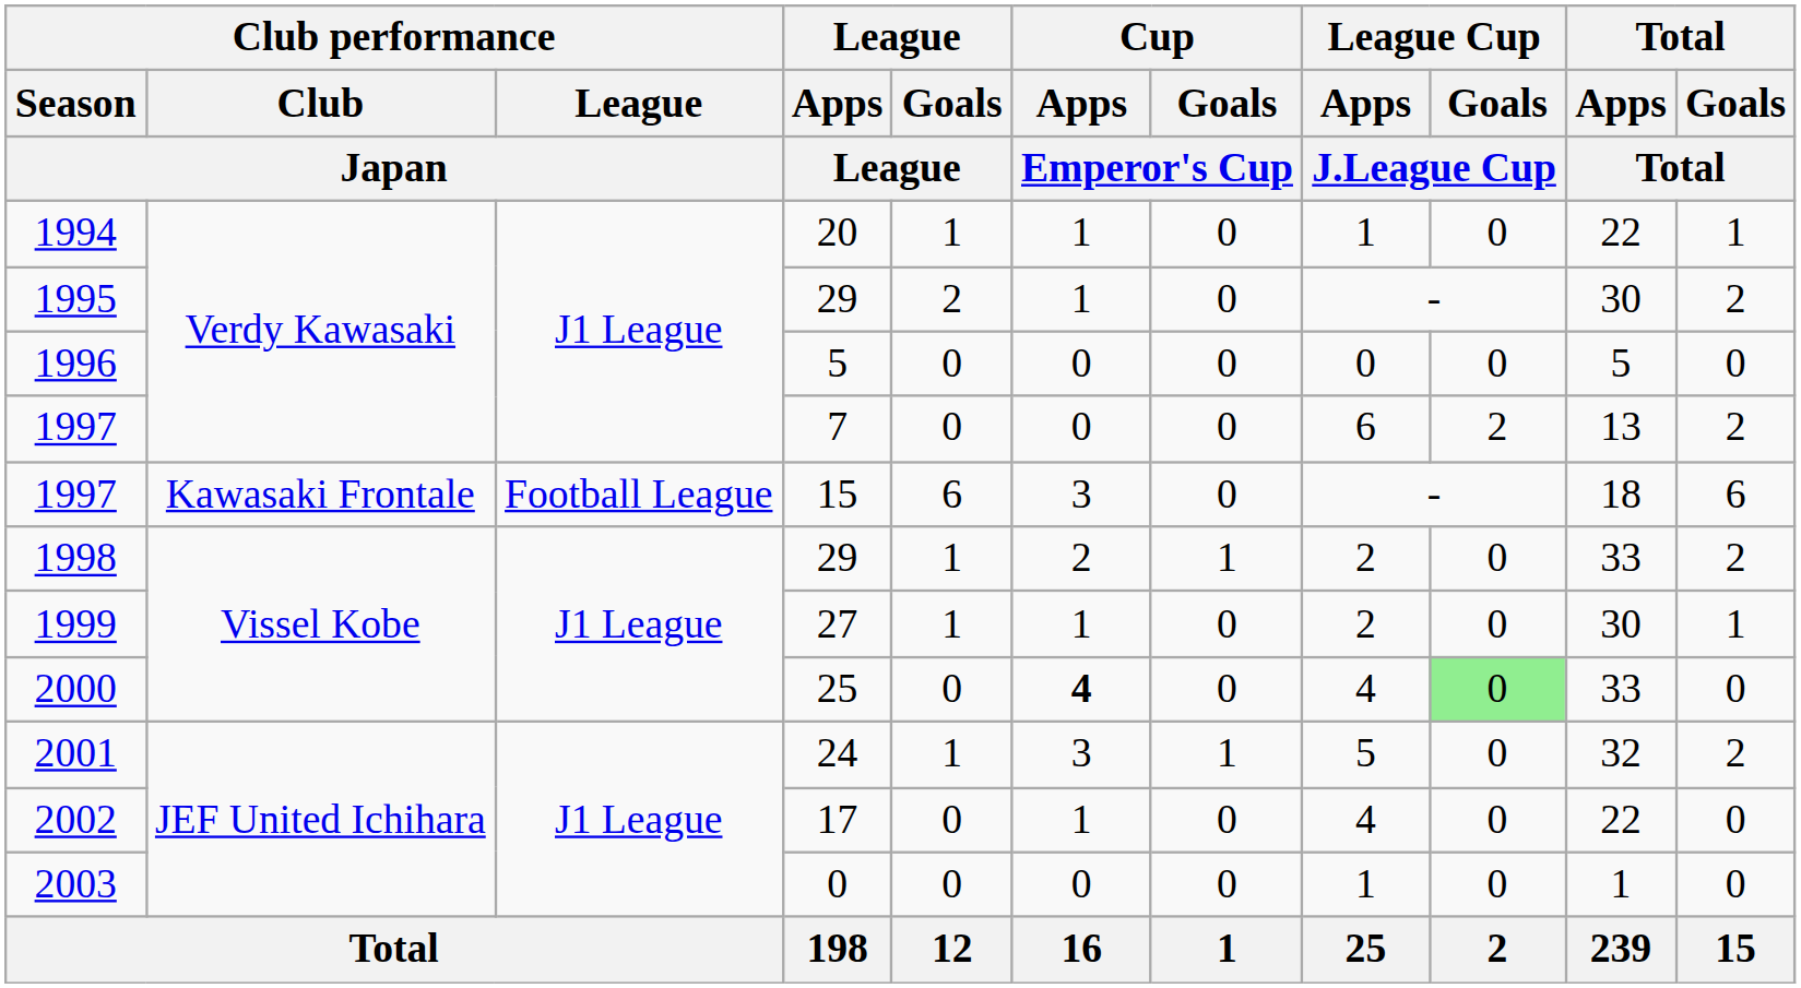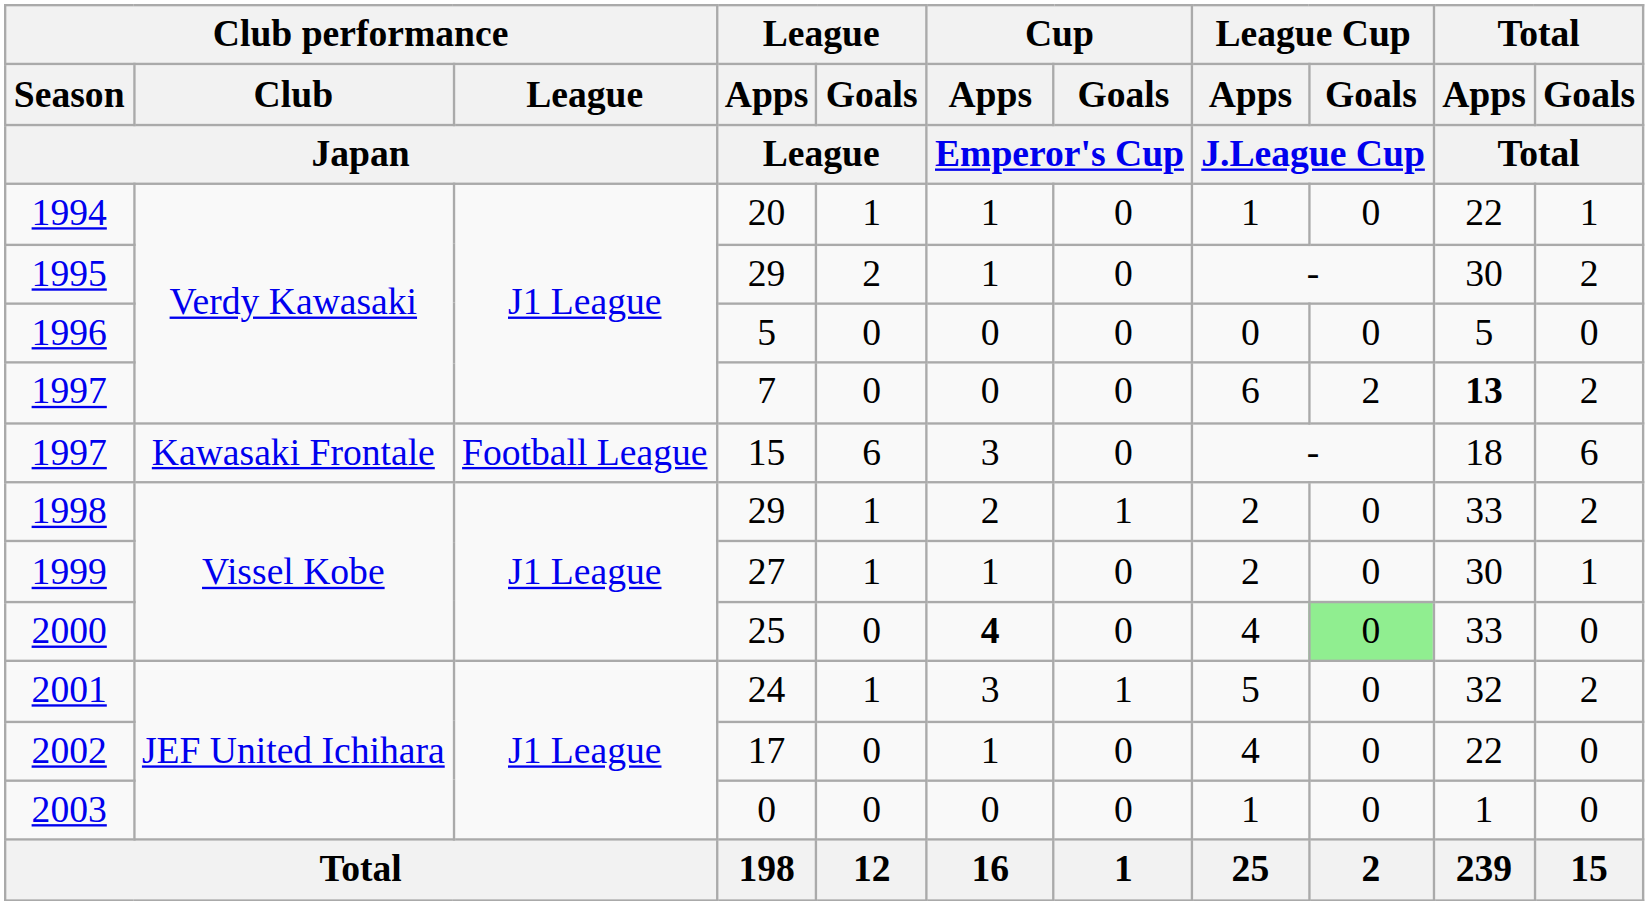 <table class="wikitable" style="text-align:center;">
 <tr>
 <th colspan=3>Club performance</th>
 <th colspan=2>League</th>
 <th colspan=2>Cup</th>
 <th colspan=2>League Cup</th>
 <th colspan=2>Total</th>
 </tr>
 <tr>
 <th>Season</th>
 <th>Club</th>
 <th>League</th>
 <th>Apps</th>
 <th>Goals</th>
 <th>Apps</th>
 <th>Goals</th>
 <th>Apps</th>
 <th>Goals</th>
 <th>Apps</th>
 <th>Goals</th>
 </tr>
 <tr>
 <th colspan=3>Japan</th>
 <th colspan=2>League</th>
 <th colspan=2><a href='#'>Emperor's Cup</a></th>
 <th colspan=2><a href='#'>J.League Cup</a></th>
 <th colspan=2>Total</th>
 </tr>
 <tr>
 <td><a href='#'>1994</a></td>
 <td rowspan="4"><a href='#'>Verdy Kawasaki</a></td>
 <td rowspan="4"><a href='#'>J1 League</a></td>
 <td>20</td>
 <td>1</td>
 <td>1</td>
 <td>0</td>
 <td>1</td>
 <td>0</td>
 <td>22</td>
 <td>1</td>
 </tr>
 <tr>
 <td><a href='#'>1995</a></td>
 <td>29</td>
 <td>2</td>
 <td>1</td>
 <td>0</td>
 <td colspan="2">-</td>
 <td>30</td>
 <td>2</td>
 </tr>
 <tr>
 <td><a href='#'>1996</a></td>
 <td>5</td>
 <td>0</td>
 <td>0</td>
 <td>0</td>
 <td>0</td>
 <td>0</td>
 <td>5</td>
 <td>0</td>
 </tr>
 <tr>
 <td><a href='#'>1997</a></td>
 <td>7</td>
 <td>0</td>
 <td>0</td>
 <td>0</td>
 <td>6</td>
 <td>2</td>
-<td>13</td>
+<td><strong>13</strong></td>
 <td>2</td>
 </tr>
 <tr>
 <td><a href='#'>1997</a></td>
 <td><a href='#'>Kawasaki Frontale</a></td>
 <td><a href='#'>Football League</a></td>
 <td>15</td>
 <td>6</td>
 <td>3</td>
 <td>0</td>
 <td colspan="2">-</td>
 <td>18</td>
 <td>6</td>
 </tr>
 <tr>
 <td><a href='#'>1998</a></td>
 <td rowspan="3"><a href='#'>Vissel Kobe</a></td>
 <td rowspan="3"><a href='#'>J1 League</a></td>
 <td>29</td>
 <td>1</td>
 <td>2</td>
 <td>1</td>
 <td>2</td>
 <td>0</td>
 <td>33</td>
 <td>2</td>
 </tr>
 <tr>
 <td><a href='#'>1999</a></td>
 <td>27</td>
 <td>1</td>
 <td>1</td>
 <td>0</td>
 <td>2</td>
 <td>0</td>
 <td>30</td>
 <td>1</td>
 </tr>
 <tr>
 <td><a href='#'>2000</a></td>
 <td>25</td>
 <td>0</td>
 <td><strong>4</strong></td>
 <td>0</td>
 <td>4</td>
 <td style="background: lightgreen;">0</td>
 <td>33</td>
 <td>0</td>
 </tr>
 <tr>
 <td><a href='#'>2001</a></td>
 <td rowspan="3"><a href='#'>JEF United Ichihara</a></td>
 <td rowspan="3"><a href='#'>J1 League</a></td>
 <td>24</td>
 <td>1</td>
 <td>3</td>
 <td>1</td>
 <td>5</td>
 <td>0</td>
 <td>32</td>
 <td>2</td>
 </tr>
 <tr>
 <td><a href='#'>2002</a></td>
 <td>17</td>
 <td>0</td>
 <td>1</td>
 <td>0</td>
 <td>4</td>
 <td>0</td>
 <td>22</td>
 <td>0</td>
 </tr>
 <tr>
 <td><a href='#'>2003</a></td>
 <td>0</td>
 <td>0</td>
 <td>0</td>
 <td>0</td>
 <td>1</td>
 <td>0</td>
 <td>1</td>
 <td>0</td>
 </tr>
 <tr>
 <th colspan=3>Total</th>
 <th>198</th>
 <th>12</th>
 <th>16</th>
 <th>1</th>
 <th>25</th>
 <th>2</th>
 <th>239</th>
 <th>15</th>
 </tr>
 </table>
